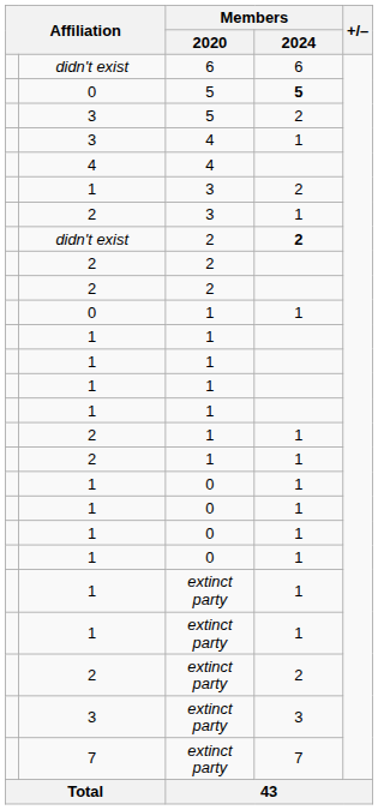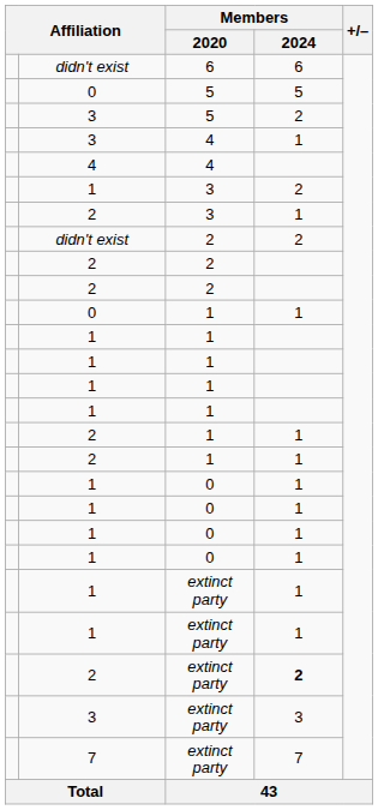 <table class="wikitable" border="1" style="font-size: 95%; text-align: center;">
 <tr>
 <th colspan="2" rowspan="2" class=unsortable style="text-align: center; vertical-align: middle; width: 150px;">Affiliation</th>
 <th colspan="2" style="vertical-align: top;">Members</th>
 <th rowspan="2">+/–</th>
 </tr>
 <tr>
 <th data-sort-type=number style="width: 80px;">2020</th>
 <th style="width: 80px;">2024</th>
 </tr>
 <tr>
 <td></td>
 <td><em>didn't exist</em></td>
 <td>6</td>
 <td>6</td>
 </tr>
 <tr>
 <td></td>
 <td>0</td>
 <td>5</td>
-<td><strong>5</strong></td>
+<td>5</td>
 </tr>
 <tr>
 <td></td>
 <td>3</td>
 <td>5</td>
 <td>2</td>
 </tr>
 <tr>
 <td></td>
 <td>3</td>
 <td>4</td>
 <td>1</td>
 </tr>
 <tr>
 <td></td>
 <td>4</td>
 <td>4</td>
 <td></td>
 </tr>
 <tr>
 <td></td>
 <td>1</td>
 <td>3</td>
 <td>2</td>
 </tr>
 <tr>
 <td></td>
 <td>2</td>
 <td>3</td>
 <td>1</td>
 </tr>
 <tr>
 <td></td>
 <td><em>didn't exist</em></td>
 <td>2</td>
-<td><strong>2</strong></td>
+<td>2</td>
 </tr>
 <tr>
 <td></td>
 <td>2</td>
 <td>2</td>
 <td></td>
 </tr>
 <tr>
 <td></td>
 <td>2</td>
 <td>2</td>
 <td></td>
 </tr>
 <tr>
 <td></td>
 <td>0</td>
 <td>1</td>
 <td>1</td>
 </tr>
 <tr>
 <td></td>
 <td>1</td>
 <td>1</td>
 <td></td>
 </tr>
 <tr>
 <td></td>
 <td>1</td>
 <td>1</td>
 <td></td>
 </tr>
 <tr>
 <td></td>
 <td>1</td>
 <td>1</td>
 <td></td>
 </tr>
 <tr>
 <td></td>
 <td>1</td>
 <td>1</td>
 <td></td>
 </tr>
 <tr>
 <td></td>
 <td>2</td>
 <td>1</td>
 <td>1</td>
 </tr>
 <tr>
 <td></td>
 <td>2</td>
 <td>1</td>
 <td>1</td>
 </tr>
 <tr>
 <td></td>
 <td>1</td>
 <td>0</td>
 <td>1</td>
 </tr>
 <tr>
 <td></td>
 <td>1</td>
 <td>0</td>
 <td>1</td>
 </tr>
 <tr>
 <td></td>
 <td>1</td>
 <td>0</td>
 <td>1</td>
 </tr>
 <tr>
 <td></td>
 <td>1</td>
 <td>0</td>
 <td>1</td>
 </tr>
 <tr>
 <td></td>
 <td>1</td>
 <td><em>extinct party</em></td>
 <td>1</td>
 </tr>
 <tr>
 <td></td>
 <td>1</td>
 <td><em>extinct party</em></td>
 <td>1</td>
 </tr>
 <tr>
 <td></td>
 <td>2</td>
 <td><em>extinct party</em></td>
-<td>2</td>
+<td><strong>2</strong></td>
 </tr>
 <tr>
 <td></td>
 <td>3</td>
 <td><em>extinct party</em></td>
 <td>3</td>
 </tr>
 <tr>
 <td></td>
 <td>7</td>
 <td><em>extinct party</em></td>
 <td>7</td>
 </tr>
 <tr>
 <th colspan="2">Total</th>
 <th colspan="3">43</th>
 </tr>
 </table>
